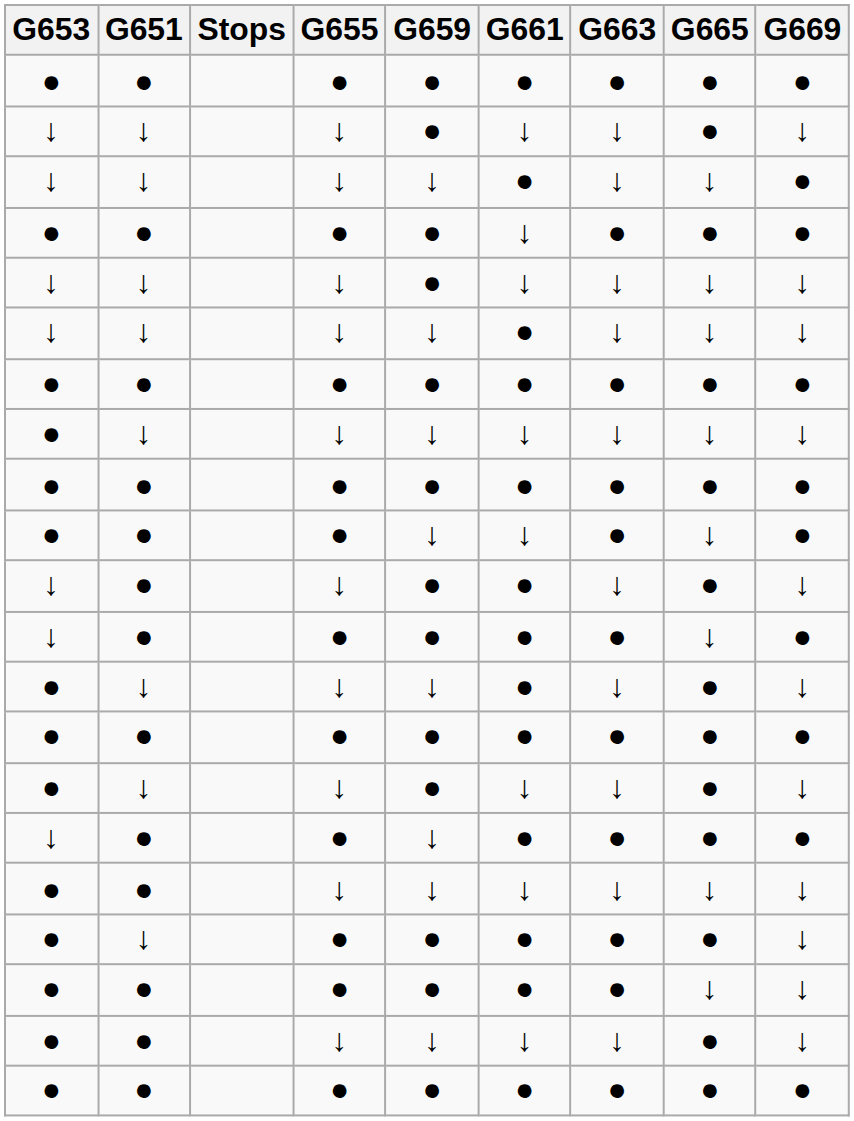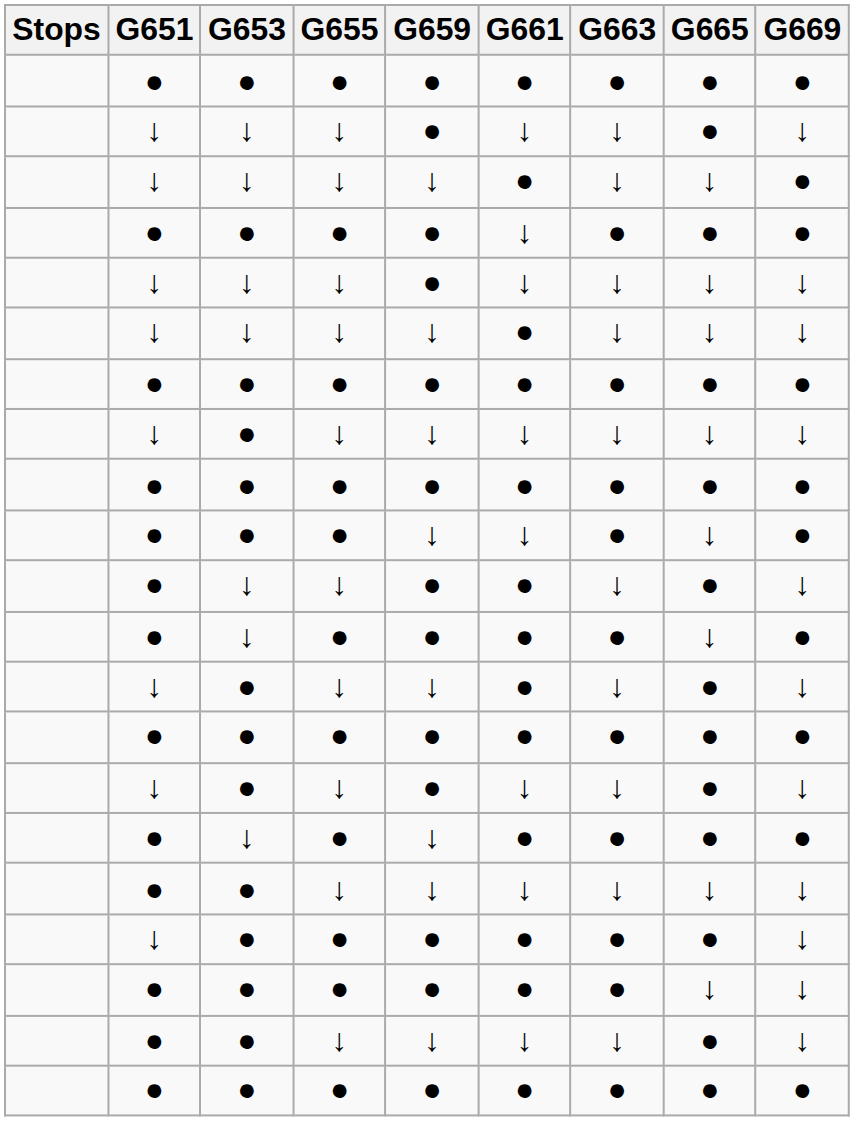 <table class="wikitable" style="text-align: center">
 <tr>
+<th>Stops</th>
+<th>G651</th>
 <th>G653</th>
-<th>G651</th>
-<th>Stops</th>
 <th>G655</th>
 <th>G659</th>
 <th>G661</th>
 <th>G663</th>
 <th>G665</th>
 <th>G669</th>
 </tr>
 <tr>
+<td><strong></strong></td>
 <td>●</td>
 <td>●</td>
-<td><strong></strong></td>
 <td>●</td>
 <td>●</td>
 <td>●</td>
 <td>●</td>
 <td>●</td>
 <td>●</td>
 </tr>
 <tr>
+<td></td>
 <td>↓</td>
 <td>↓</td>
-<td></td>
 <td>↓</td>
 <td>●</td>
 <td>↓</td>
 <td>↓</td>
 <td>●</td>
 <td>↓</td>
 </tr>
 <tr>
+<td></td>
 <td>↓</td>
 <td>↓</td>
-<td></td>
 <td>↓</td>
 <td>↓</td>
 <td>●</td>
 <td>↓</td>
 <td>↓</td>
 <td>●</td>
 </tr>
 <tr>
+<td></td>
 <td>●</td>
 <td>●</td>
-<td></td>
 <td>●</td>
 <td>●</td>
 <td>↓</td>
 <td>●</td>
 <td>●</td>
 <td>●</td>
 </tr>
 <tr>
+<td></td>
 <td>↓</td>
 <td>↓</td>
-<td></td>
 <td>↓</td>
 <td>●</td>
 <td>↓</td>
 <td>↓</td>
 <td>↓</td>
 <td>↓</td>
 </tr>
 <tr>
+<td></td>
 <td>↓</td>
 <td>↓</td>
-<td></td>
 <td>↓</td>
 <td>↓</td>
 <td>●</td>
 <td>↓</td>
 <td>↓</td>
 <td>↓</td>
 </tr>
 <tr>
+<td><strong></strong></td>
 <td>●</td>
 <td>●</td>
-<td><strong></strong></td>
 <td>●</td>
 <td>●</td>
 <td>●</td>
 <td>●</td>
 <td>●</td>
 <td>●</td>
 </tr>
 <tr>
+<td></td>
+<td>↓</td>
 <td>●</td>
-<td>↓</td>
-<td></td>
 <td>↓</td>
 <td>↓</td>
 <td>↓</td>
 <td>↓</td>
 <td>↓</td>
 <td>↓</td>
 </tr>
 <tr>
+<td></td>
 <td>●</td>
 <td>●</td>
-<td></td>
 <td>●</td>
 <td>●</td>
 <td>●</td>
 <td>●</td>
 <td>●</td>
 <td>●</td>
 </tr>
 <tr>
+<td></td>
 <td>●</td>
 <td>●</td>
-<td></td>
 <td>●</td>
 <td>↓</td>
 <td>↓</td>
 <td>●</td>
 <td>↓</td>
 <td>●</td>
 </tr>
 <tr>
+<td></td>
+<td>●</td>
 <td>↓</td>
-<td>●</td>
-<td></td>
 <td>↓</td>
 <td>●</td>
 <td>●</td>
 <td>↓</td>
 <td>●</td>
 <td>↓</td>
 </tr>
 <tr>
+<td></td>
+<td>●</td>
 <td>↓</td>
-<td>●</td>
-<td></td>
 <td>●</td>
 <td>●</td>
 <td>●</td>
 <td>●</td>
 <td>↓</td>
 <td>●</td>
 </tr>
 <tr>
+<td></td>
+<td>↓</td>
 <td>●</td>
-<td>↓</td>
-<td></td>
 <td>↓</td>
 <td>↓</td>
 <td>●</td>
 <td>↓</td>
 <td>●</td>
 <td>↓</td>
 </tr>
 <tr>
+<td><strong></strong></td>
 <td>●</td>
 <td>●</td>
-<td><strong></strong></td>
 <td>●</td>
 <td>●</td>
 <td>●</td>
 <td>●</td>
 <td>●</td>
 <td>●</td>
 </tr>
 <tr>
+<td></td>
+<td>↓</td>
 <td>●</td>
-<td>↓</td>
-<td></td>
 <td>↓</td>
 <td>●</td>
 <td>↓</td>
 <td>↓</td>
 <td>●</td>
 <td>↓</td>
 </tr>
 <tr>
+<td></td>
+<td>●</td>
 <td>↓</td>
-<td>●</td>
-<td></td>
 <td>●</td>
 <td>↓</td>
 <td>●</td>
 <td>●</td>
 <td>●</td>
 <td>●</td>
 </tr>
 <tr>
+<td></td>
 <td>●</td>
 <td>●</td>
-<td></td>
 <td>↓</td>
 <td>↓</td>
 <td>↓</td>
 <td>↓</td>
 <td>↓</td>
 <td>↓</td>
 </tr>
 <tr>
+<td></td>
+<td>↓</td>
 <td>●</td>
-<td>↓</td>
-<td></td>
 <td>●</td>
 <td>●</td>
 <td>●</td>
 <td>●</td>
 <td>●</td>
 <td>↓</td>
 </tr>
 <tr>
+<td></td>
 <td>●</td>
 <td>●</td>
-<td></td>
 <td>●</td>
 <td>●</td>
 <td>●</td>
 <td>●</td>
 <td>↓</td>
 <td>↓</td>
 </tr>
 <tr>
+<td></td>
 <td>●</td>
 <td>●</td>
-<td></td>
 <td>↓</td>
 <td>↓</td>
 <td>↓</td>
 <td>↓</td>
 <td>●</td>
 <td>↓</td>
 </tr>
 <tr>
+<td><strong></strong></td>
 <td>●</td>
 <td>●</td>
-<td><strong></strong></td>
 <td>●</td>
 <td>●</td>
 <td>●</td>
 <td>●</td>
 <td>●</td>
 <td>●</td>
 </tr>
 </table>
